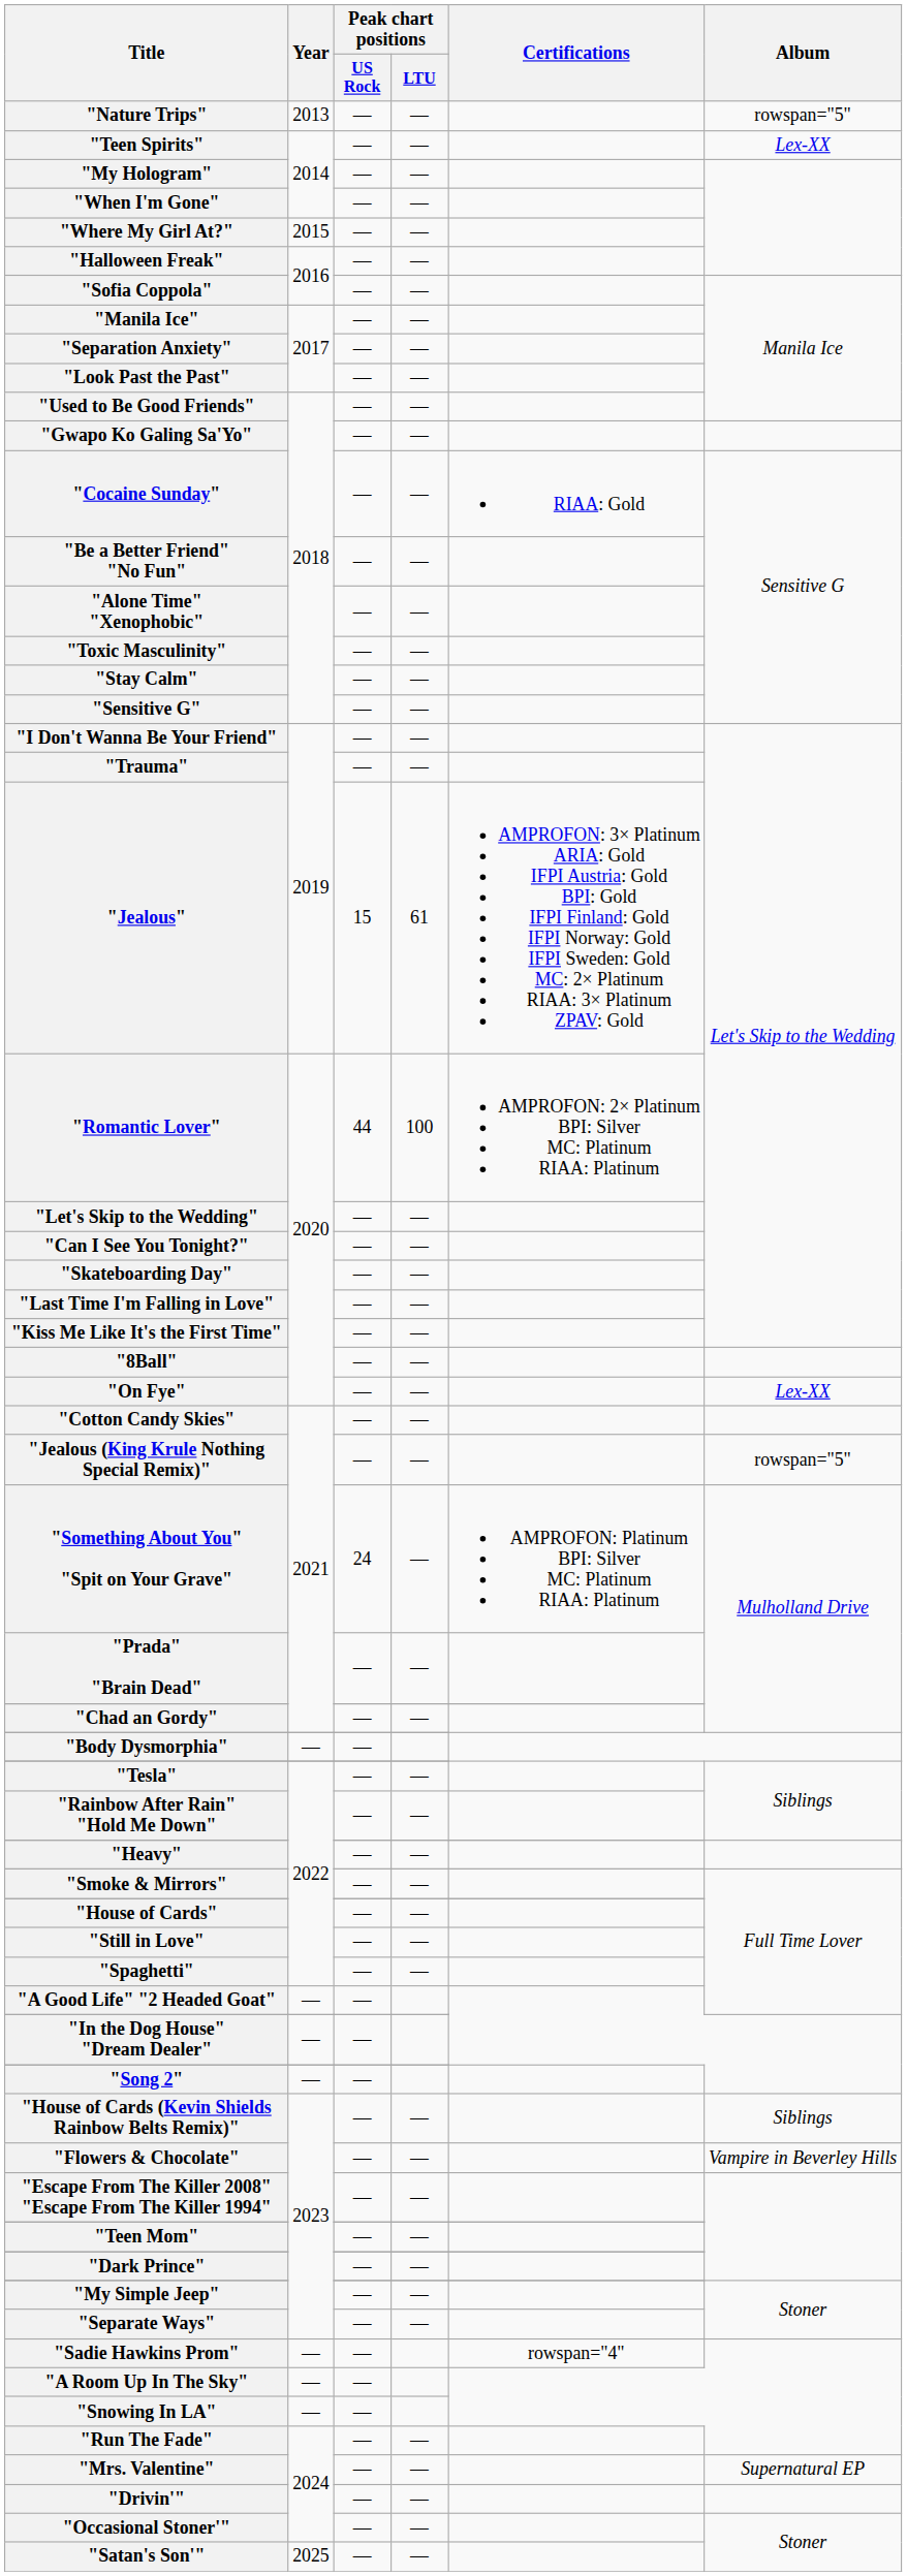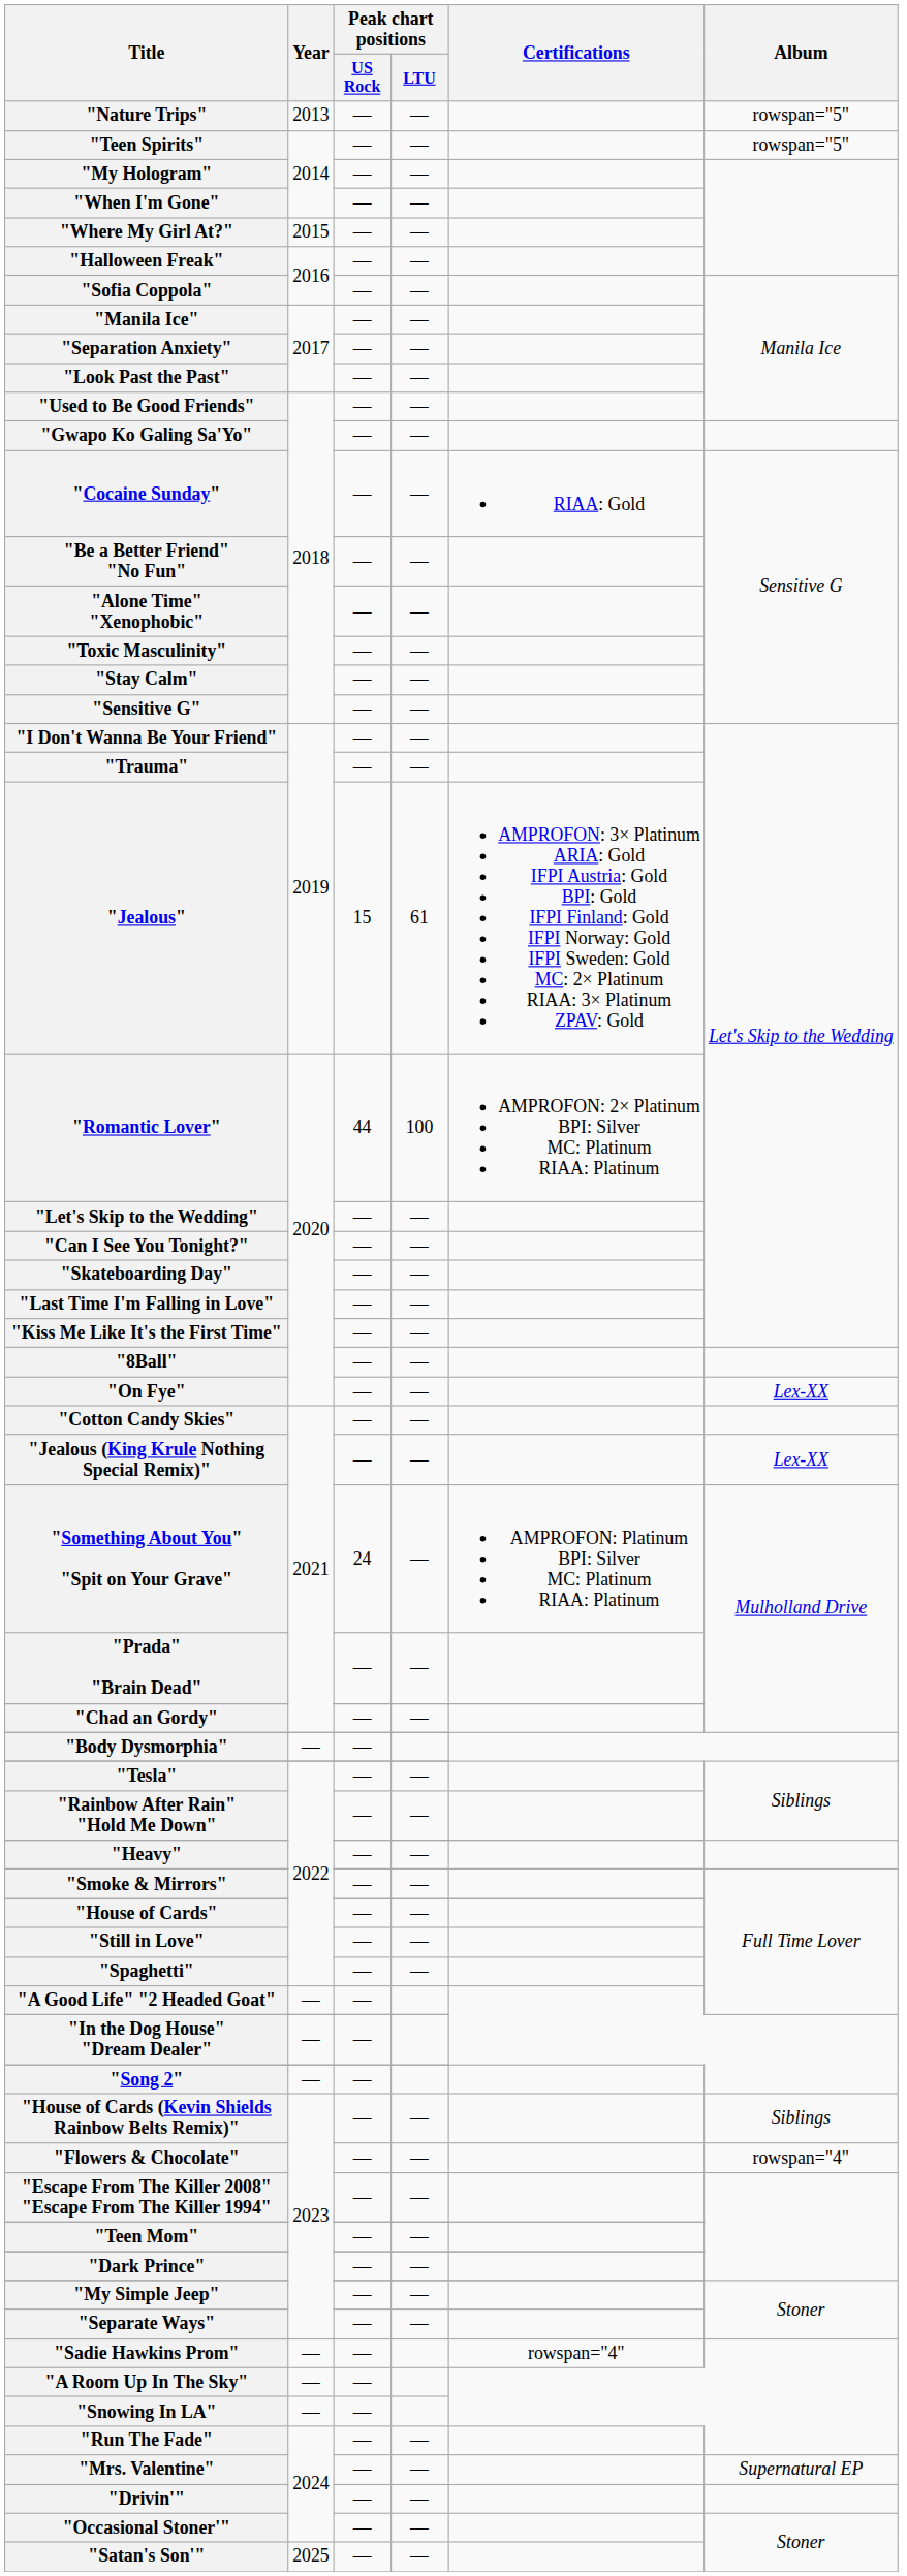 <table class="wikitable plainrowheaders" style="text-align:center;">
 <tr>
 <th scope="col" rowspan="2" style="width:15em;">Title</th>
 <th scope="col" rowspan="2">Year</th>
 <th colspan="2" scope="col">Peak chart positions</th>
 <th rowspan="2"><a href='#'>Certifications</a></th>
 <th scope="col" rowspan="2">Album</th>
 </tr>
 <tr>
 <th scope="col" style="width:3em;font-size:90%;"><a href='#'>US<br>Rock</a><br></th>
 <th scope="col" style="width:3em;font-size:90%;"><a href='#'>LTU</a><br></th>
 </tr>
 <tr>
 <th scope="row">"Nature Trips"</th>
 <td>2013</td>
 <td>—</td>
 <td>—</td>
 <td></td>
 <td>rowspan="5" </td>
 </tr>
 <tr>
 <th scope="row">"Teen Spirits"</th>
 <td rowspan="3">2014</td>
 <td>—</td>
 <td>—</td>
 <td></td>
-<td><em><a href='#'>Lex-XX</a></em></td>
+<td>rowspan="5" </td>
 </tr>
 <tr>
 <th scope="row">"My Hologram"</th>
 <td>—</td>
 <td>—</td>
 <td></td>
 </tr>
 <tr>
 <th scope="row">"When I'm Gone"<br></th>
 <td>—</td>
 <td>—</td>
 <td></td>
 </tr>
 <tr>
 <th scope="row">"Where My Girl At?"</th>
 <td>2015</td>
 <td>—</td>
 <td>—</td>
 <td></td>
 </tr>
 <tr>
 <th scope="row">"Halloween Freak"</th>
 <td rowspan="2">2016</td>
 <td>—</td>
 <td>—</td>
 <td></td>
 </tr>
 <tr>
 <th scope="row">"Sofia Coppola"</th>
 <td>—</td>
 <td>—</td>
 <td></td>
 <td rowspan="5"><em>Manila Ice</em></td>
 </tr>
 <tr>
 <th scope="row">"Manila Ice"</th>
 <td rowspan="3">2017</td>
 <td>—</td>
 <td>—</td>
 <td></td>
 </tr>
 <tr>
 <th scope="row">"Separation Anxiety"</th>
 <td>—</td>
 <td>—</td>
 <td></td>
 </tr>
 <tr>
 <th scope="row">"Look Past the Past"</th>
 <td>—</td>
 <td>—</td>
 <td></td>
 </tr>
 <tr>
 <th scope="row">"Used to Be Good Friends"</th>
 <td rowspan="8">2018</td>
 <td>—</td>
 <td>—</td>
 <td></td>
 </tr>
 <tr>
 <th scope="row">"Gwapo Ko Galing Sa'Yo"</th>
 <td>—</td>
 <td>—</td>
 <td></td>
 <td></td>
 </tr>
 <tr>
 <th scope="row">"<a href='#'>Cocaine Sunday</a>"</th>
 <td>—</td>
 <td>—</td>
 <td><br><ul><li><a href='#'>RIAA</a>: Gold</li></ul></td>
 <td rowspan="6"><em>Sensitive G</em></td>
 </tr>
 <tr>
 <th scope="row">"Be a Better Friend" <br> "No Fun"</th>
 <td>—</td>
 <td>—</td>
 <td></td>
 </tr>
 <tr>
 <th scope="row">"Alone Time" <br> "Xenophobic"</th>
 <td>—</td>
 <td>—</td>
 <td></td>
 </tr>
 <tr>
 <th scope="row">"Toxic Masculinity"</th>
 <td>—</td>
 <td>—</td>
 <td></td>
 </tr>
 <tr>
 <th scope="row">"Stay Calm"</th>
 <td>—</td>
 <td>—</td>
 <td></td>
 </tr>
 <tr>
 <th scope="row">"Sensitive G"</th>
 <td>—</td>
 <td>—</td>
 <td></td>
 </tr>
 <tr>
 <th scope="row">"I Don't Wanna Be Your Friend"</th>
 <td rowspan="3">2019</td>
 <td>—</td>
 <td>—</td>
 <td></td>
 <td rowspan="9"><em><a href='#'>Let's Skip to the Wedding</a></em></td>
 </tr>
 <tr>
 <th scope="row">"Trauma"</th>
 <td>—</td>
 <td>—</td>
 <td></td>
 </tr>
 <tr>
 <th scope="row">"<a href='#'>Jealous</a>"</th>
 <td>15</td>
 <td>61</td>
 <td><br><ul><li><a href='#'>AMPROFON</a>: 3× Platinum</li><li><a href='#'>ARIA</a>: Gold</li><li><a href='#'>IFPI Austria</a>: Gold</li><li><a href='#'>BPI</a>: Gold</li><li><a href='#'>IFPI Finland</a>: Gold</li><li><a href='#'>IFPI</a> Norway: Gold</li><li><a href='#'>IFPI</a> Sweden: Gold</li><li><a href='#'>MC</a>: 2× Platinum</li><li>RIAA: 3× Platinum</li><li><a href='#'>ZPAV</a>: Gold</li></ul></td>
 </tr>
 <tr>
 <th scope="row">"<a href='#'>Romantic Lover</a>"</th>
 <td rowspan="8">2020</td>
 <td>44</td>
 <td>100</td>
 <td><br><ul><li>AMPROFON: 2× Platinum</li><li>BPI: Silver</li><li>MC: Platinum</li><li>RIAA: Platinum</li></ul></td>
 </tr>
 <tr>
 <th scope="row">"Let's Skip to the Wedding"</th>
 <td>—</td>
 <td>—</td>
 <td></td>
 </tr>
 <tr>
 <th scope="row">"Can I See You Tonight?"</th>
 <td>—</td>
 <td>—</td>
 <td></td>
 </tr>
 <tr>
 <th scope="row">"Skateboarding Day"</th>
 <td>—</td>
 <td>—</td>
 <td></td>
 </tr>
 <tr>
 <th scope="row">"Last Time I'm Falling in Love"</th>
 <td>—</td>
 <td>—</td>
 <td></td>
 </tr>
 <tr>
 <th scope="row">"Kiss Me Like It's the First Time"</th>
 <td>—</td>
 <td>—</td>
 <td></td>
 </tr>
 <tr>
 <th scope="row">"8Ball"<br></th>
 <td>—</td>
 <td>—</td>
 <td></td>
 <td></td>
 </tr>
 <tr>
 <th scope="row">"On Fye"<br></th>
 <td>—</td>
 <td>—</td>
 <td></td>
 <td><em><a href='#'>Lex-XX</a></em></td>
 </tr>
 <tr>
 <th scope="row">"Cotton Candy Skies"<br></th>
 <td rowspan="6">2021</td>
 <td>—</td>
 <td>—</td>
 <td></td>
 <td></td>
 </tr>
 <tr>
 <th scope="row">"Jealous (<a href='#'>King Krule</a> Nothing Special Remix)"</th>
 <td>—</td>
 <td>—</td>
 <td></td>
-<td>rowspan="5" </td>
+<td><em><a href='#'>Lex-XX</a></em></td>
 </tr>
 <tr>
 <th scope="row">"<a href='#'>Something About You</a>"<br><br> "Spit on Your Grave"</th>
 <td>24</td>
 <td>—</td>
 <td><br><ul><li>AMPROFON: Platinum</li><li>BPI: Silver</li><li>MC: Platinum</li><li>RIAA: Platinum</li></ul></td>
 <td rowspan="4"><em><a href='#'>Mulholland Drive</a></em></td>
 </tr>
 <tr>
 <th scope="row">"Prada"<br><br> "Brain Dead"</th>
 <td>—</td>
 <td>—</td>
 <td></td>
 </tr>
 <tr>
 </tr>
 <tr>
 <th scope="row">"Chad an Gordy"<br></th>
 <td>—</td>
 <td>—</td>
 <td></td>
 </tr>
 <tr>
 </tr>
 <tr>
 <th scope="row">"Body Dysmorphia"</th>
 <td>—</td>
 <td>—</td>
 <td></td>
 </tr>
 <tr>
 </tr>
 <tr>
 <th scope="row">"Tesla"<br></th>
 <td rowspan="10">2022</td>
 <td>—</td>
 <td>—</td>
 <td></td>
 <td rowspan="3"><em>Siblings</em></td>
 </tr>
 <tr>
 <th scope="row">"Rainbow After Rain"<br> "Hold Me Down"<br></th>
 <td>—</td>
 <td>—</td>
 <td></td>
 </tr>
 <tr>
 </tr>
 <tr>
 <th scope="row">"Heavy"<br></th>
 <td>—</td>
 <td>—</td>
 <td></td>
 </tr>
 <tr>
 </tr>
 <tr>
 <th scope="row">"Smoke & Mirrors"<br></th>
 <td>—</td>
 <td>—</td>
 <td></td>
 <td rowspan="6"><em>Full Time Lover</em></td>
 </tr>
 <tr>
 </tr>
 <tr>
 <th scope="row">"House of Cards"</th>
 <td>—</td>
 <td>—</td>
 <td></td>
 </tr>
 <tr>
 <th scope="row">"Still in Love"</th>
 <td>—</td>
 <td>—</td>
 <td></td>
 </tr>
 <tr>
 <th scope="row">"Spaghetti"<br></th>
 <td>—</td>
 <td>—</td>
 <td></td>
 </tr>
 <tr>
 <th scope="row">"A Good Life"  "2 Headed Goat"<br></th>
 <td>—</td>
 <td>—</td>
 <td></td>
 </tr>
 <tr>
 </tr>
 <tr>
 <th scope="row">"In the Dog House"<br>  "Dream Dealer"<br></th>
 <td>—</td>
 <td>—</td>
 <td></td>
 </tr>
 <tr>
 </tr>
 <tr>
 <th scope="row">"<a href='#'>Song 2</a>"</th>
 <td>—</td>
 <td>—</td>
 <td></td>
 <td></td>
 </tr>
 <tr>
 <th scope="row">"House of Cards (<a href='#'>Kevin Shields</a> Rainbow Belts Remix)"</th>
 <td rowspan="10">2023</td>
 <td>—</td>
 <td>—</td>
 <td></td>
 <td><em>Siblings</em></td>
 </tr>
 <tr>
 <th scope="row">"Flowers & Chocolate"</th>
 <td>—</td>
 <td>—</td>
 <td></td>
-<td><em>Vampire in Beverley Hills</em></td>
+<td>rowspan="4" </td>
 </tr>
 <tr>
 <th scope="row">"Escape From The Killer 2008"<br>  "Escape From The Killer 1994"</th>
 <td>—</td>
 <td>—</td>
 <td></td>
 </tr>
 <tr>
 </tr>
 <tr>
 <th scope="row">"Teen Mom"</th>
 <td>—</td>
 <td>—</td>
 <td></td>
 </tr>
 <tr>
 </tr>
 <tr>
 <th scope="row">"Dark Prince"<br></th>
 <td>—</td>
 <td>—</td>
 <td></td>
 </tr>
 <tr>
 </tr>
 <tr>
 <th scope="row">"My Simple Jeep"<br></th>
 <td>—</td>
 <td>—</td>
 <td></td>
 <td rowspan="2"><em>Stoner</em></td>
 </tr>
 <tr>
 <th scope="row">"Separate Ways"<br></th>
 <td>—</td>
 <td>—</td>
 <td></td>
 </tr>
 <tr>
 <th scope="row">"Sadie Hawkins Prom"</th>
 <td>—</td>
 <td>—</td>
 <td></td>
 <td>rowspan="4" </td>
 </tr>
 <tr>
 <th scope="row">"A Room Up In The Sky"<br></th>
 <td>—</td>
 <td>—</td>
 <td></td>
 </tr>
 <tr>
 <th scope="row">"Snowing In LA"</th>
 <td>—</td>
 <td>—</td>
 <td></td>
 </tr>
 <tr>
 <th scope="row">"Run The Fade"<br></th>
 <td rowspan="4">2024</td>
 <td>—</td>
 <td>—</td>
 <td></td>
 </tr>
 <tr>
 <th scope="row">"Mrs. Valentine"</th>
 <td>—</td>
 <td>—</td>
 <td></td>
 <td><em>Supernatural EP</em></td>
 </tr>
 <tr>
 <th scope="row">"Drivin'"</th>
 <td>—</td>
 <td>—</td>
 <td></td>
 <td></td>
 </tr>
 <tr>
 <th scope="row">"Occasional Stoner'"</th>
 <td>—</td>
 <td>—</td>
 <td></td>
 <td rowspan="2"><em>Stoner</em></td>
 </tr>
 <tr>
 <th scope="row">"Satan's Son'"<br></th>
 <td>2025</td>
 <td>—</td>
 <td>—</td>
 <td></td>
 </tr>
 </table>
